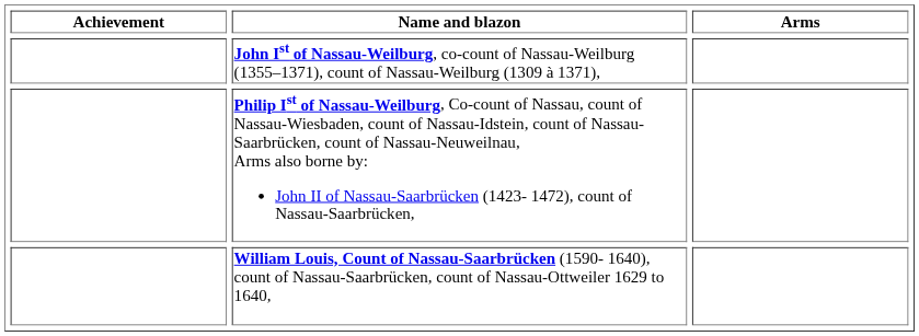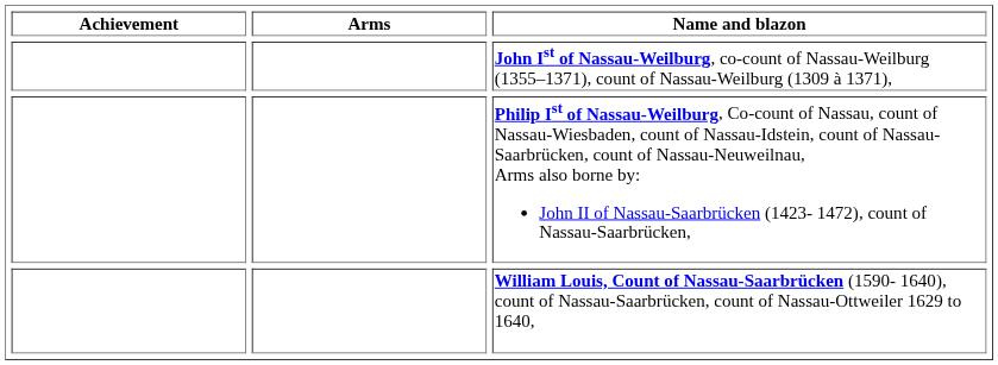 <table border=1 cellspacing=5 width="100%">
 <tr valign=top align=center>
 <td width="206"><strong>Achievement</strong></td>
+<td width="206"><strong>Arms</strong></td>
 <td><strong>Name and blazon</strong></td>
-<td width="206"><strong>Arms</strong></td>
 </tr>
 <tr valign=top>
 <td align=center></td>
+<td align=center><br><br></td>
 <td><strong><a href='#'>John I<sup>st</sup> of Nassau-Weilburg</a></strong>, co-count of Nassau-Weilburg (1355–1371), count of Nassau-Weilburg (1309 à 1371),<br></td>
-<td align=center><br><br></td>
 </tr>
 <tr valign=top>
 <td align=center></td>
+<td align=center></td>
 <td><strong><a href='#'>Philip I<sup>st</sup> of Nassau-Weilburg</a></strong>, Co-count of Nassau, count of Nassau-Wiesbaden, count of Nassau-Idstein, count of Nassau-Saarbrücken, count of Nassau-Neuweilnau,<br>Arms also borne by:<ul><li><a href='#'>John II of Nassau-Saarbrücken</a>  (1423- 1472), count of Nassau-Saarbrücken,</li></ul></td>
-<td align=center></td>
 </tr>
 <tr valign=top>
 <td align=center><br></td>
+<td align=center><br><br><br><br> </td>
 <td><strong><a href='#'>William Louis, Count of Nassau-Saarbrücken</a></strong> (1590- 1640), count of Nassau-Saarbrücken, count of Nassau-Ottweiler 1629 to 1640,<br></td>
-<td align=center><br><br><br><br> </td>
 </tr>
 </table>
